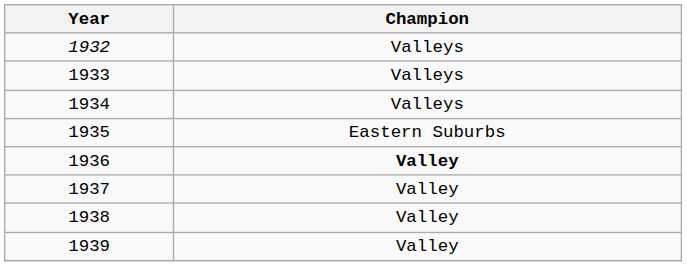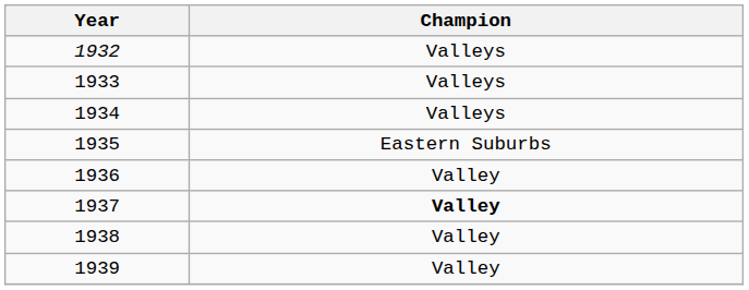 <table class="wikitable" width="40%" style="text-align:center;">
 <tr>
 <th width="10%">Year</th>
 <th width="30%">Champion</th>
 </tr>
 <tr>
 <td><em>1932</em></td>
 <td>Valleys</td>
 </tr>
 <tr>
 <td>1933</td>
 <td>Valleys</td>
 </tr>
 <tr>
 <td>1934</td>
 <td>Valleys</td>
 </tr>
 <tr>
 <td>1935</td>
 <td>Eastern Suburbs</td>
 </tr>
 <tr>
 <td>1936</td>
-<td><strong>Valley</strong></td>
+<td>Valley</td>
 </tr>
 <tr>
 <td>1937</td>
-<td>Valley</td>
+<td><strong>Valley</strong></td>
 </tr>
 <tr>
 <td>1938</td>
 <td>Valley</td>
 </tr>
 <tr>
 <td>1939</td>
 <td>Valley</td>
 </tr>
 <tr>
 </tr>
 </table>
